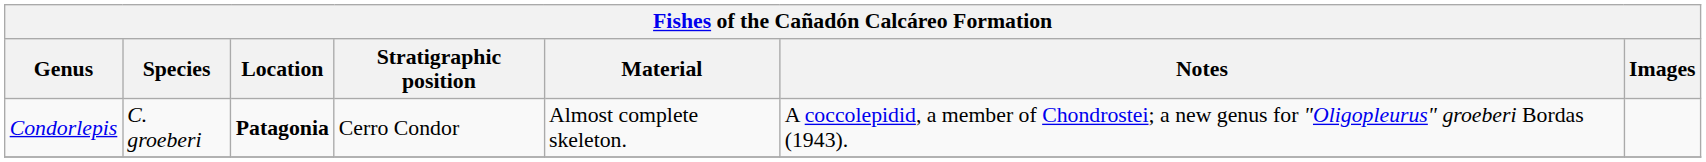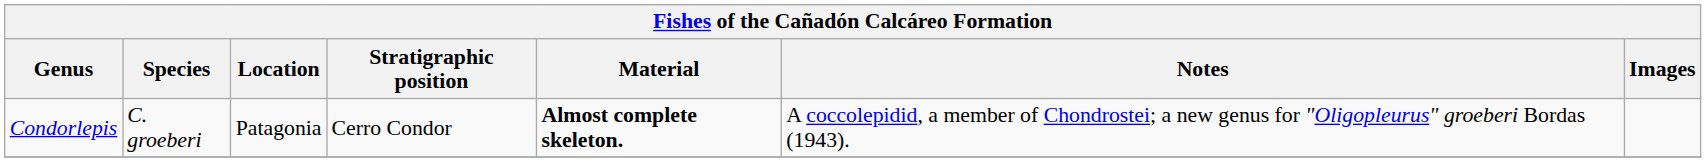 <table class="wikitable sortable">
 <tr>
 <th colspan="7" align="center"><strong><a href='#'>Fishes</a> of the Cañadón Calcáreo Formation</strong></th>
 </tr>
 <tr>
 <th>Genus</th>
 <th>Species</th>
 <th>Location</th>
 <th>Stratigraphic position</th>
 <th>Material</th>
 <th>Notes</th>
 <th>Images</th>
 </tr>
 <tr>
 <td><em><a href='#'>Condorlepis</a></em></td>
 <td><em>C. groeberi</em></td>
-<td><strong>Patagonia</strong></td>
+<td>Patagonia</td>
 <td>Cerro Condor</td>
-<td>Almost complete skeleton.</td>
+<td><strong>Almost complete skeleton.</strong></td>
 <td>A <a href='#'>coccolepidid</a>, a member of <a href='#'>Chondrostei</a>; a new genus for <em>"<a href='#'>Oligopleurus</a>" groeberi</em> Bordas (1943).</td>
 <td></td>
 </tr>
 <tr>
 </tr>
 </table>
